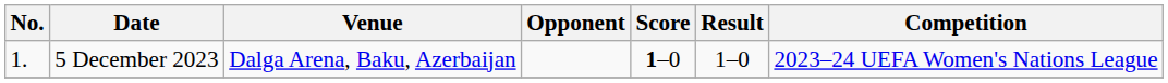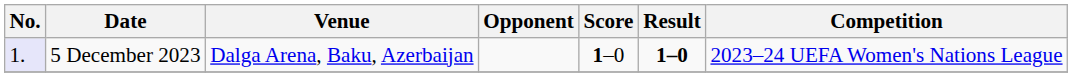 <table class="wikitable">
 <tr>
 <th>No.</th>
 <th>Date</th>
 <th>Venue</th>
 <th>Opponent</th>
 <th>Score</th>
 <th>Result</th>
 <th>Competition</th>
 </tr>
 <tr>
-<td>1.</td>
+<td style="background: lavender;">1.</td>
 <td>5 December 2023</td>
 <td><a href='#'>Dalga Arena</a>, <a href='#'>Baku</a>, <a href='#'>Azerbaijan</a></td>
 <td></td>
 <td align=center><strong>1</strong>–0</td>
-<td align=center>1–0</td>
+<td align=center><strong>1–0</strong></td>
 <td><a href='#'>2023–24 UEFA Women's Nations League</a></td>
 </tr>
 <tr>
 </tr>
 </table>
